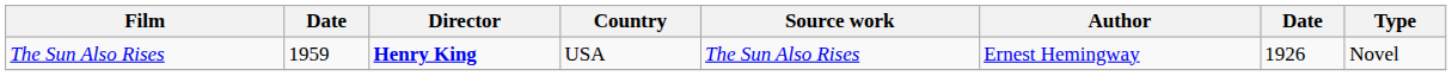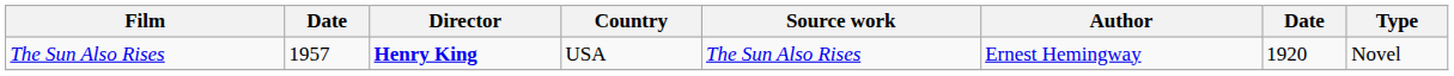 <table class="wikitable" style=width:90%>
 <tr style="background:#CCCCCC;">
 <th>Film</th>
 <th>Date</th>
 <th>Director</th>
 <th>Country</th>
 <th>Source work</th>
 <th>Author</th>
 <th>Date</th>
 <th>Type</th>
 </tr>
 <tr>
 <td><em><a href='#'>The Sun Also Rises</a></em></td>
-<td>1959</td>
+<td>1957</td>
 <td><strong><a href='#'>Henry King</a></strong></td>
 <td>USA</td>
 <td><em><a href='#'>The Sun Also Rises</a></em></td>
 <td><a href='#'>Ernest Hemingway</a></td>
-<td>1926</td>
+<td>1920</td>
 <td>Novel</td>
 </tr>
 <tr>
 </tr>
 </table>
